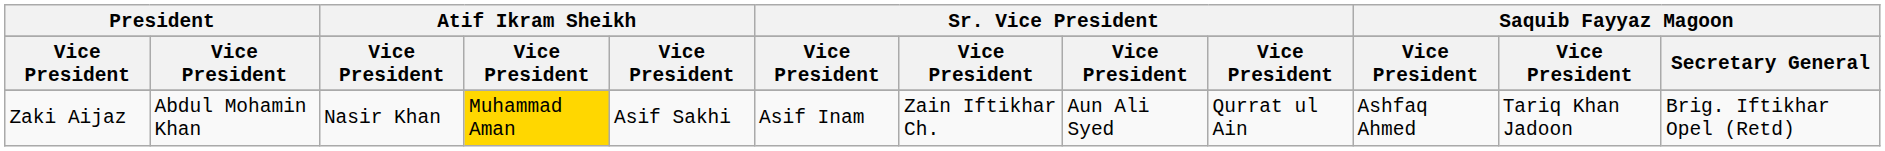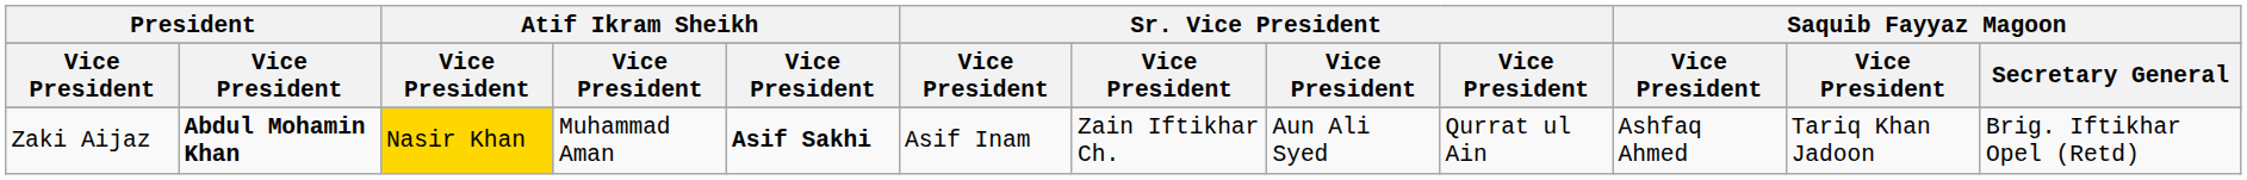 <table class="wikitable">
 <tr>
 <th colspan="2">President</th>
 <th colspan="3">Atif Ikram Sheikh</th>
 <th colspan="4">Sr. Vice President</th>
 <th colspan="5">Saquib Fayyaz Magoon</th>
 </tr>
 <tr President>
 </tr>
 <tr Sr. Vice President>
 <th>Vice President</th>
 <th>Vice President</th>
 <th>Vice President</th>
 <th>Vice President</th>
 <th>Vice President</th>
 <th>Vice President</th>
 <th>Vice President</th>
 <th>Vice President</th>
 <th>Vice President</th>
 <th>Vice President</th>
 <th>Vice President</th>
 <th>Secretary General</th>
 </tr>
 <tr Atif Ikram Sheikh>
 </tr>
 <tr Saquib Fayyaz Magoo>
 <td>Zaki Aijaz<br></td>
-<td>Abdul Mohamin Khan<br></td>
-<td>Nasir Khan<br></td>
-<td style="background: gold;">Muhammad Aman<br></td>
-<td>Asif Sakhi <br></td>
+<td><strong>Abdul Mohamin Khan<br></strong></td>
+<td style="background: gold;">Nasir Khan<br></td>
+<td>Muhammad Aman<br></td>
+<td><strong>Asif Sakhi <br></strong></td>
 <td>Asif Inam<br></td>
 <td>Zain Iftikhar Ch.<br></td>
 <td>Aun Ali Syed<br></td>
 <td>Qurrat ul Ain<br></td>
 <td>Ashfaq Ahmed<br></td>
 <td>Tariq Khan Jadoon</td>
 <td>Brig. Iftikhar Opel (Retd)<br></td>
 </tr>
 </table>
